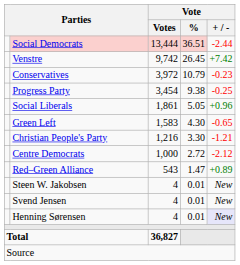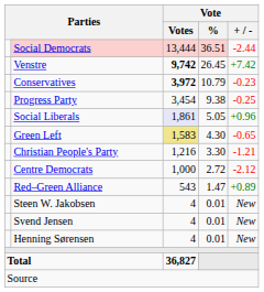 <table class="wikitable" style="text-align:right;">
 <tr>
 <th style="text-align:centre;" rowspan="2" colspan="2" width="225">Parties</th>
 <th colspan="3">Vote</th>
 </tr>
 <tr>
 <th width="15">Votes</th>
 <th width="15">%</th>
 <th width="15">+ / -</th>
 </tr>
 <tr>
 <td width="2" style="color:inherit;background:"></td>
 <td bgcolor=#fbd0ce  align="left"><a href='#'>Social Democrats</a></td>
 <td bgcolor=#fbd0ce>13,444</td>
 <td bgcolor=#fbd0ce>36.51</td>
 <td style=color:red;>-2.44</td>
 </tr>
 <tr>
 <td width="2" style="color:inherit;background:"></td>
 <td align="left"><a href='#'>Venstre</a></td>
-<td>9,742</td>
+<td><strong>9,742</strong></td>
 <td>26.45</td>
 <td style=color:green;>+7.42</td>
 </tr>
 <tr>
 <td width="2" style="color:inherit;background:"></td>
 <td align="left"><a href='#'>Conservatives</a></td>
-<td>3,972</td>
+<td><strong>3,972</strong></td>
 <td>10.79</td>
 <td style=color:red;>-0.23</td>
 </tr>
 <tr>
 <td width="2" style="color:inherit;background:"></td>
 <td align="left"><a href='#'>Progress Party</a></td>
 <td>3,454</td>
 <td>9.38</td>
 <td style=color:red;>-0.25</td>
 </tr>
 <tr>
 <td width="2" style="color:inherit;background:"></td>
 <td align="left"><a href='#'>Social Liberals</a></td>
-<td>1,861</td>
+<td style="background: lavender;">1,861</td>
 <td>5.05</td>
 <td style=color:green;>+0.96</td>
 </tr>
 <tr>
 <td width="2" style="color:inherit;background:"></td>
 <td align="left"><a href='#'>Green Left</a></td>
-<td>1,583</td>
+<td style="background: khaki;">1,583</td>
 <td>4.30</td>
 <td style=color:red;>-0.65</td>
 </tr>
 <tr>
 <td width="2" style="color:inherit;background:"></td>
 <td align="left"><a href='#'>Christian People's Party</a></td>
 <td>1,216</td>
 <td>3.30</td>
 <td style=color:red;>-1.21</td>
 </tr>
 <tr>
 <td width="2" style="color:inherit;background:"></td>
 <td align="left"><a href='#'>Centre Democrats</a></td>
 <td>1,000</td>
 <td>2.72</td>
 <td style=color:red;>-2.12</td>
 </tr>
 <tr>
 <td width="2" style="color:inherit;background:"></td>
 <td align="left"><a href='#'>Red–Green Alliance</a></td>
 <td>543</td>
 <td>1.47</td>
 <td style=color:green;>+0.89</td>
 </tr>
 <tr>
 <td width="2" style="color:inherit;background:"></td>
 <td align="left">Steen W. Jakobsen</td>
 <td>4</td>
 <td>0.01</td>
 <td><em>New</em></td>
 </tr>
 <tr>
 <td width="2" style="color:inherit;background:"></td>
 <td align="left">Svend Jensen</td>
 <td>4</td>
 <td>0.01</td>
 <td><em>New</em></td>
 </tr>
 <tr>
 <td width="2" style="color:inherit;background:"></td>
 <td align="left">Henning Sørensen</td>
 <td>4</td>
 <td>0.01</td>
-<td style="background: lavender;"><em>New</em></td>
+<td><em>New</em></td>
 </tr>
 <tr>
 <td colspan="7" bgcolor="#E9E9E9"></td>
 </tr>
 <tr>
 <td align="left" colspan="2"><strong>Total</strong></td>
 <td><strong>36,827</strong></td>
 <td bgcolor="#E9E9E9" colspan="2"></td>
 </tr>
 <tr>
 <td align="left" colspan="6">Source</td>
 </tr>
 </table>
